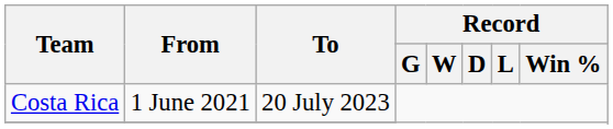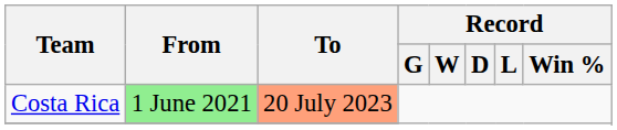 <table class="wikitable" style="text-align: center">
 <tr>
 <th rowspan="2">Team</th>
 <th rowspan="2">From</th>
 <th rowspan="2">To</th>
 <th colspan="5">Record</th>
 </tr>
 <tr>
 <th>G</th>
 <th>W</th>
 <th>D</th>
 <th>L</th>
 <th>Win %</th>
 </tr>
 <tr>
 <td align=left><a href='#'>Costa Rica</a></td>
-<td align=left>1 June 2021</td>
-<td align=left>20 July 2023<br></td>
+<td align=left style="background: lightgreen;">1 June 2021</td>
+<td align=left style="background: lightsalmon;">20 July 2023<br></td>
 </tr>
 <tr>
 </tr>
 </table>
